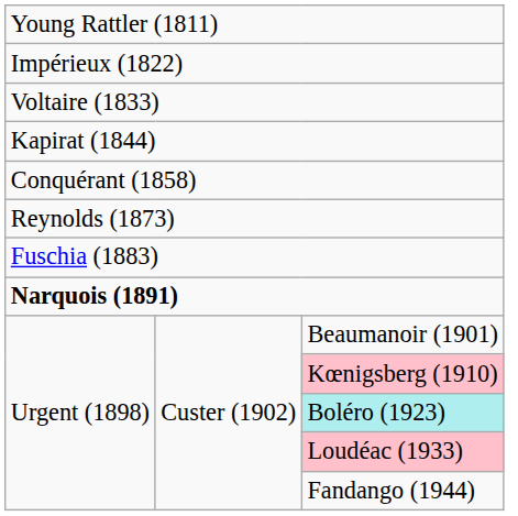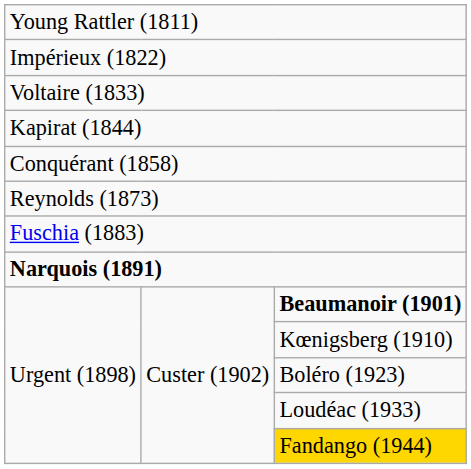 <table class="wikitable">
 <tr>
 <td colspan="3">Young Rattler (1811)</td>
 </tr>
 <tr>
 <td colspan="3">Impérieux (1822)</td>
 </tr>
 <tr>
 <td colspan="3">Voltaire (1833)</td>
 </tr>
 <tr>
 <td colspan="3">Kapirat (1844)</td>
 </tr>
 <tr>
 <td colspan="3">Conquérant (1858)</td>
 </tr>
 <tr>
 <td colspan="3">Reynolds (1873)</td>
 </tr>
 <tr>
 <td colspan="3"><a href='#'>Fuschia</a> (1883)</td>
 </tr>
 <tr>
 <td colspan="3"><strong>Narquois (1891)</strong></td>
 </tr>
 <tr>
 <td rowspan="5">Urgent (1898)</td>
 <td rowspan="5">Custer (1902)</td>
-<td>Beaumanoir (1901)</td>
+<td><strong>Beaumanoir (1901)</strong></td>
 </tr>
 <tr>
-<td style="background: pink;">Kœnigsberg (1910)</td>
+<td>Kœnigsberg (1910)</td>
 </tr>
 <tr>
-<td style="background: paleturquoise;">Boléro (1923)</td>
+<td>Boléro (1923)</td>
 </tr>
 <tr>
-<td style="background: pink;">Loudéac (1933)</td>
+<td>Loudéac (1933)</td>
 </tr>
 <tr>
-<td>Fandango (1944)</td>
+<td style="background: gold;">Fandango (1944)</td>
 </tr>
 </table>
